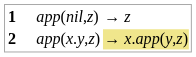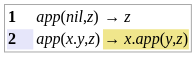 <table style="border: 1px solid darkgray;">
 <tr border="0">
 <td><strong>1</strong></td>
 <td><em>app</em>(<em>nil</em>,<em>z</em>)</td>
 <td>→ <em>z</em></td>
 </tr>
 <tr>
-<td><strong>2</strong>    </td>
+<td style="background: lavender;"><strong>2</strong>    </td>
 <td><em>app</em>(<em>x</em>.<em>y</em>,<em>z</em>)</td>
 <td style="background: khaki;">→ <em>x</em>.<em>app</em>(<em>y</em>,<em>z</em>)</td>
 </tr>
 </table>
